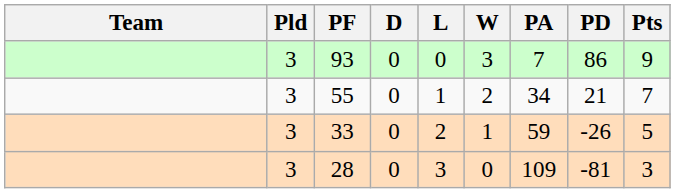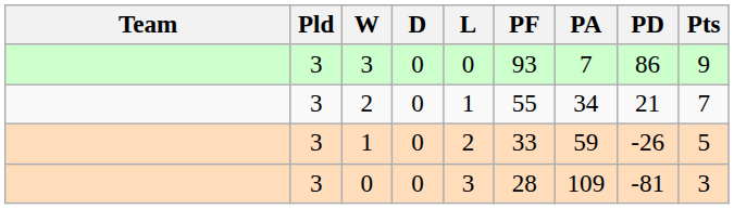 <table class="wikitable" style="text-align:center;">
 <tr>
 <th width=175>Team</th>
 <th width=25 abbr="Played">Pld</th>
-<th width=32 abbr="Points for">PF</th>
+<th width=25 abbr="Won">W</th>
 <th width=25 abbr="Drawn">D</th>
 <th width=25 abbr="Lost">L</th>
-<th width=25 abbr="Won">W</th>
+<th width=32 abbr="Points for">PF</th>
 <th width=32 abbr="Points against">PA</th>
 <th width=32 abbr="Points difference">PD</th>
 <th width=25 abbr="Points">Pts</th>
 </tr>
 <tr bgcolor="#ccffcc">
 <td align=left></td>
 <td>3</td>
-<td>93</td>
+<td>3</td>
 <td>0</td>
 <td>0</td>
-<td>3</td>
+<td>93</td>
 <td>7</td>
 <td>86</td>
 <td>9</td>
 </tr>
 <tr>
 <td align=left></td>
 <td>3</td>
-<td>55</td>
+<td>2</td>
 <td>0</td>
 <td>1</td>
-<td>2</td>
+<td>55</td>
 <td>34</td>
 <td>21</td>
 <td>7</td>
 </tr>
 <tr bgcolor="#ffddbb">
 <td align=left></td>
 <td>3</td>
-<td>33</td>
+<td>1</td>
 <td>0</td>
 <td>2</td>
-<td>1</td>
+<td>33</td>
 <td>59</td>
 <td>-26</td>
 <td>5</td>
 </tr>
 <tr bgcolor="#ffddbb">
 <td align=left></td>
 <td>3</td>
-<td>28</td>
+<td>0</td>
 <td>0</td>
 <td>3</td>
-<td>0</td>
+<td>28</td>
 <td>109</td>
 <td>-81</td>
 <td>3</td>
 </tr>
 </table>
